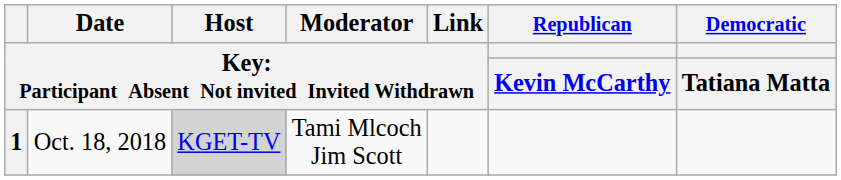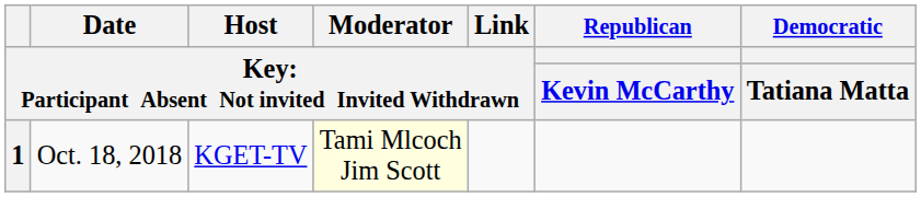 <table class="wikitable" style="text-align:center;">
 <tr>
 <th scope="col"></th>
 <th scope="col">Date</th>
 <th scope="col">Host</th>
 <th scope="col">Moderator</th>
 <th scope="col">Link</th>
 <th scope="col"><small><a href='#'>Republican</a></small></th>
 <th scope="col"><small><a href='#'>Democratic</a></small></th>
 </tr>
 <tr>
 <th colspan="5" rowspan="2">Key:<br> <small>Participant </small>  <small>Absent </small>  <small>Not invited </small>  <small>Invited  Withdrawn</small></th>
 <th scope="col" style="background:"></th>
 <th scope="col" style="background:"></th>
 </tr>
 <tr>
 <th scope="col"><a href='#'>Kevin McCarthy</a></th>
 <th scope="col">Tatiana Matta</th>
 </tr>
 <tr>
 <th>1</th>
 <td style="white-space:nowrap;">Oct. 18, 2018</td>
-<td style="background: lightgrey; white-space:nowrap;"><a href='#'>KGET-TV</a></td>
-<td style="white-space:nowrap;">Tami Mlcoch<br>Jim Scott</td>
+<td style="white-space:nowrap;"><a href='#'>KGET-TV</a></td>
+<td style="background: lightyellow; white-space:nowrap;">Tami Mlcoch<br>Jim Scott</td>
 <td style="white-space:nowrap;"></td>
 <td></td>
 <td></td>
 </tr>
 </table>
